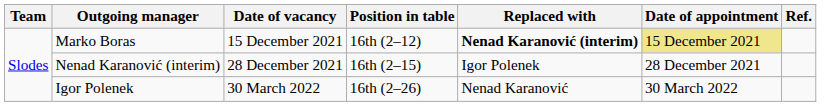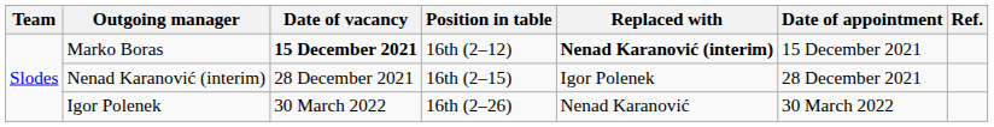 <table class="wikitable sortable">
 <tr>
 <th>Team</th>
 <th>Outgoing manager</th>
 <th>Date of vacancy</th>
 <th>Position in table</th>
 <th>Replaced with</th>
 <th>Date of appointment</th>
 <th>Ref.</th>
 </tr>
 <tr>
 <td rowspan=3><a href='#'>Slodes</a></td>
 <td> Marko Boras</td>
-<td>15 December 2021</td>
+<td><strong>15 December 2021</strong></td>
 <td>16th (2–12)</td>
 <td><strong> Nenad Karanović (interim)</strong></td>
-<td style="background: khaki;">15 December 2021</td>
+<td>15 December 2021</td>
 <td></td>
 </tr>
 <tr>
 <td> Nenad Karanović (interim)</td>
 <td>28 December 2021</td>
 <td>16th (2–15)</td>
 <td> Igor Polenek</td>
 <td>28 December 2021</td>
 <td></td>
 </tr>
 <tr>
 <td> Igor Polenek</td>
 <td>30 March 2022</td>
 <td>16th (2–26)</td>
 <td> Nenad Karanović</td>
 <td>30 March 2022</td>
 <td></td>
 </tr>
 </table>
